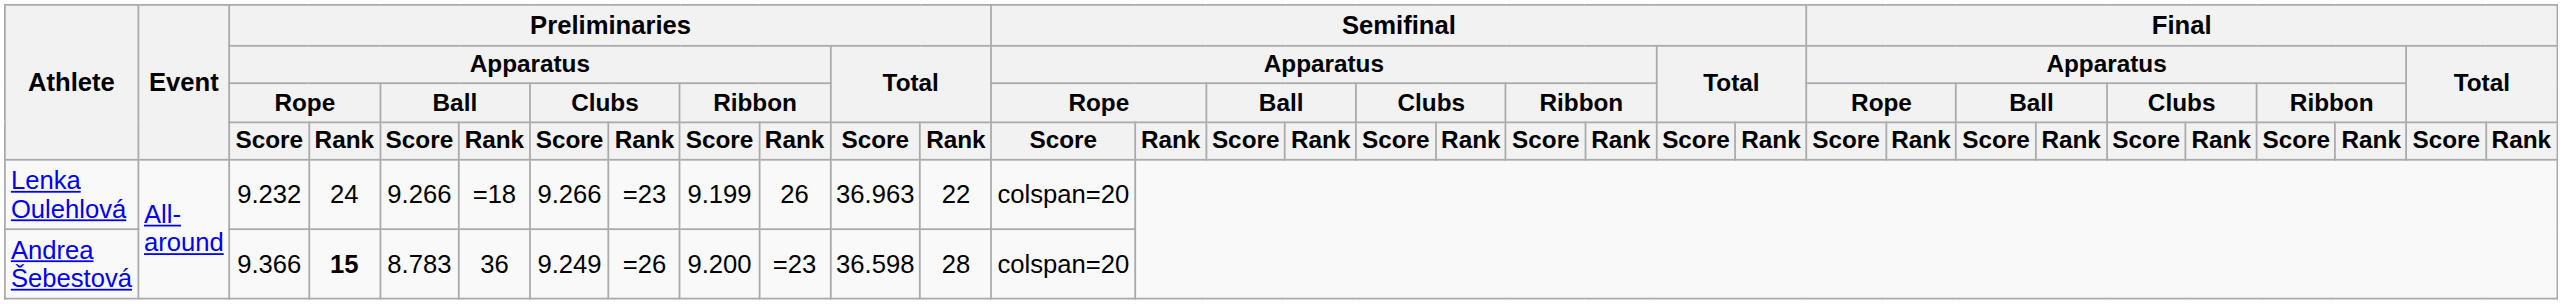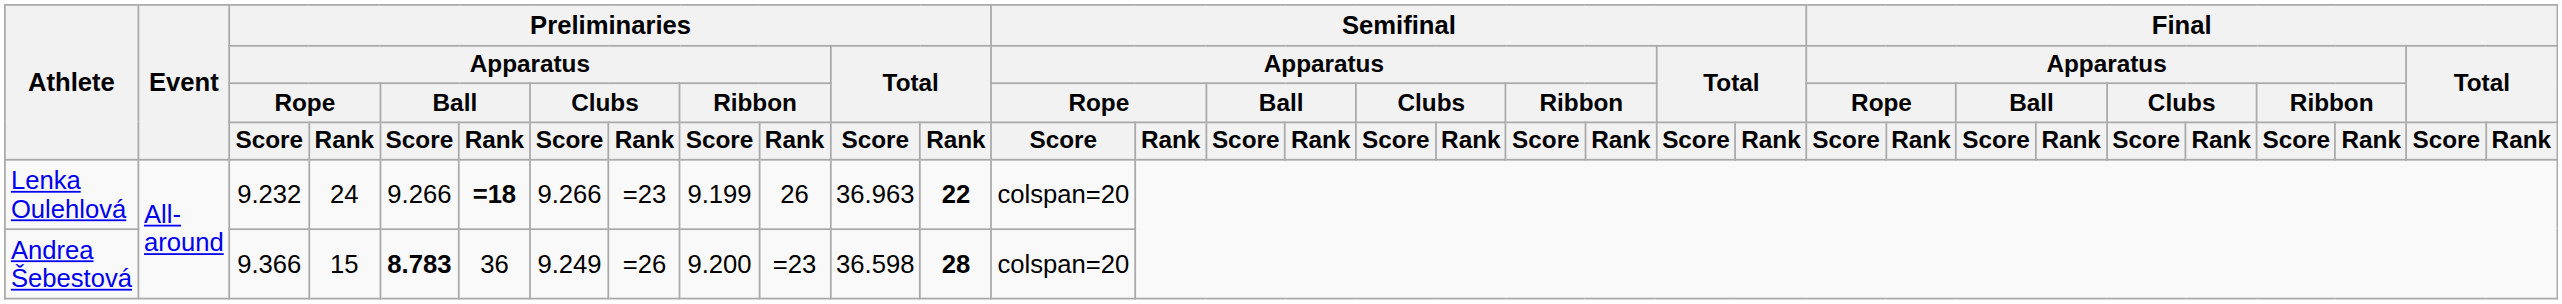 <table class=wikitable style=font-size:90%;text-align:center>
 <tr>
 <th rowspan=4>Athlete</th>
 <th rowspan=4>Event</th>
 <th colspan=10>Preliminaries</th>
 <th colspan=10>Semifinal</th>
 <th colspan=10>Final</th>
 </tr>
 <tr style=font-size:95%>
 <th colspan=8>Apparatus</th>
 <th colspan=2 rowspan=2>Total</th>
 <th colspan=8>Apparatus</th>
 <th colspan=2 rowspan=2>Total</th>
 <th colspan=8>Apparatus</th>
 <th colspan=2 rowspan=2>Total</th>
 </tr>
 <tr style=font-size:95%>
 <th colspan=2>Rope</th>
 <th colspan=2>Ball</th>
 <th colspan=2>Clubs</th>
 <th colspan=2>Ribbon</th>
 <th colspan=2>Rope</th>
 <th colspan=2>Ball</th>
 <th colspan=2>Clubs</th>
 <th colspan=2>Ribbon</th>
 <th colspan=2>Rope</th>
 <th colspan=2>Ball</th>
 <th colspan=2>Clubs</th>
 <th colspan=2>Ribbon</th>
 </tr>
 <tr style=font-size:95%>
 <th>Score</th>
 <th>Rank</th>
 <th>Score</th>
 <th>Rank</th>
 <th>Score</th>
 <th>Rank</th>
 <th>Score</th>
 <th>Rank</th>
 <th>Score</th>
 <th>Rank</th>
 <th>Score</th>
 <th>Rank</th>
 <th>Score</th>
 <th>Rank</th>
 <th>Score</th>
 <th>Rank</th>
 <th>Score</th>
 <th>Rank</th>
 <th>Score</th>
 <th>Rank</th>
 <th>Score</th>
 <th>Rank</th>
 <th>Score</th>
 <th>Rank</th>
 <th>Score</th>
 <th>Rank</th>
 <th>Score</th>
 <th>Rank</th>
 <th>Score</th>
 <th>Rank</th>
 </tr>
 <tr>
 <td align=left><a href='#'>Lenka Oulehlová</a></td>
 <td align=left rowspan=2><a href='#'>All-around</a></td>
 <td>9.232</td>
 <td>24</td>
 <td>9.266</td>
-<td>=18</td>
+<td><strong>=18</strong></td>
 <td>9.266</td>
 <td>=23</td>
 <td>9.199</td>
 <td>26</td>
 <td>36.963</td>
-<td>22</td>
+<td><strong>22</strong></td>
 <td>colspan=20 </td>
 </tr>
 <tr>
 <td align=left><a href='#'>Andrea Šebestová</a></td>
 <td>9.366</td>
-<td><strong>15</strong></td>
-<td>8.783</td>
+<td>15</td>
+<td><strong>8.783</strong></td>
 <td>36</td>
 <td>9.249</td>
 <td>=26</td>
 <td>9.200</td>
 <td>=23</td>
 <td>36.598</td>
-<td>28</td>
+<td><strong>28</strong></td>
 <td>colspan=20 </td>
 </tr>
 </table>
